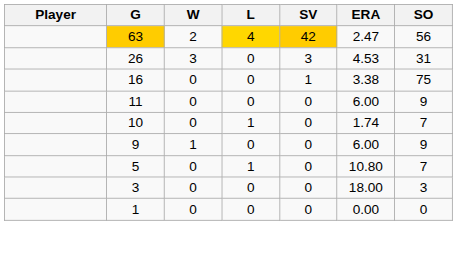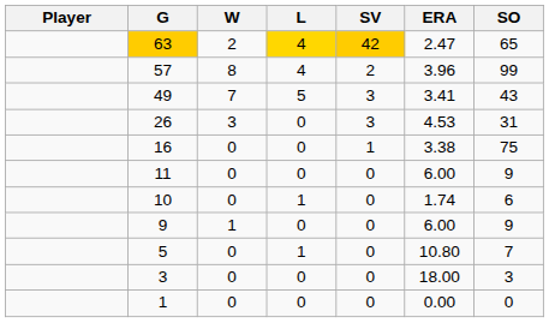 <table class="wikitable sortable">
 <tr>
 <th bgcolor="#DDDDFF" width="16%">Player</th>
 <th bgcolor="#DDDDFF" width="9%">G</th>
 <th bgcolor="#DDDDFF" width="9%">W</th>
 <th bgcolor="#DDDDFF" width="9%">L</th>
 <th bgcolor="#DDDDFF" width="9%">SV</th>
 <th bgcolor="#DDDDFF" width="9%">ERA</th>
 <th bgcolor="#DDDDFF" width="9%">SO</th>
 </tr>
 <tr align="center">
 <td></td>
 <td style="background:#fc0;">63</td>
 <td>2</td>
 <td style="background: gold;">4</td>
 <td style="background:#fc0;">42</td>
 <td>2.47</td>
-<td>56</td>
+<td>65</td>
+</tr>
+<tr align="center">
+<td></td>
+<td>57</td>
+<td>8</td>
+<td>4</td>
+<td>2</td>
+<td>3.96</td>
+<td>99</td>
+</tr>
+<tr align="center">
+<td></td>
+<td>49</td>
+<td>7</td>
+<td>5</td>
+<td>3</td>
+<td>3.41</td>
+<td>43</td>
 </tr>
 <tr align="center">
 <td></td>
 <td>26</td>
 <td>3</td>
 <td>0</td>
 <td>3</td>
 <td>4.53</td>
 <td>31</td>
 </tr>
 <tr align="center">
 <td></td>
 <td>16</td>
 <td>0</td>
 <td>0</td>
 <td>1</td>
 <td>3.38</td>
 <td>75</td>
 </tr>
 <tr align="center">
 <td></td>
 <td>11</td>
 <td>0</td>
 <td>0</td>
 <td>0</td>
 <td>6.00</td>
 <td>9</td>
 </tr>
 <tr align="center">
 <td></td>
 <td>10</td>
 <td>0</td>
 <td>1</td>
 <td>0</td>
 <td>1.74</td>
-<td>7</td>
+<td>6</td>
 </tr>
 <tr align="center">
 <td></td>
 <td>9</td>
 <td>1</td>
 <td>0</td>
 <td>0</td>
 <td>6.00</td>
 <td>9</td>
 </tr>
 <tr align="center">
 <td></td>
 <td>5</td>
 <td>0</td>
 <td>1</td>
 <td>0</td>
 <td>10.80</td>
 <td>7</td>
 </tr>
 <tr align="center">
 <td></td>
 <td>3</td>
 <td>0</td>
 <td>0</td>
 <td>0</td>
 <td>18.00</td>
 <td>3</td>
 </tr>
 <tr align="center">
 <td></td>
 <td>1</td>
 <td>0</td>
 <td>0</td>
 <td>0</td>
 <td>0.00</td>
 <td>0</td>
 </tr>
 </table>
